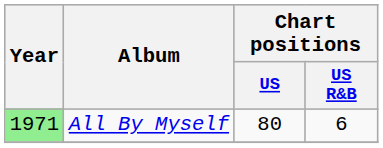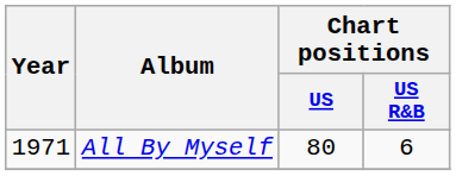 <table class="wikitable" style="text-align:center;">
 <tr>
 <th rowspan="2">Year</th>
 <th rowspan="2">Album</th>
 <th colspan="2">Chart positions</th>
 </tr>
 <tr style="font-size:smaller;">
 <th width="40"><a href='#'>US</a></th>
 <th width="40"><a href='#'>US<br>R&B</a></th>
 </tr>
 <tr>
-<td rowspan="1" style="background: lightgreen;">1971</td>
+<td rowspan="1">1971</td>
 <td align="left"><em><a href='#'>All By Myself</a></em></td>
 <td>80</td>
 <td>6</td>
 </tr>
 <tr>
 </tr>
 </table>
